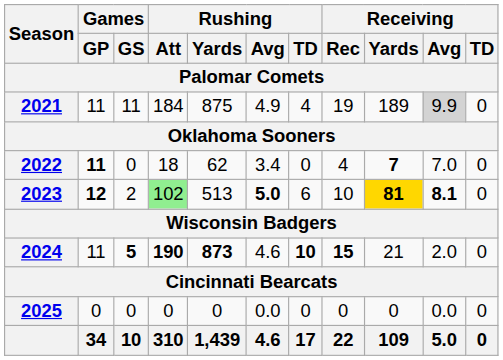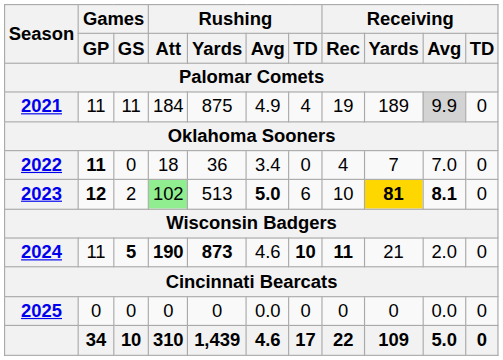 <table class="wikitable" style="text-align:center;">
 <tr>
 <th rowspan="2">Season</th>
 <th colspan="2">Games</th>
 <th colspan="4">Rushing</th>
 <th colspan="4">Receiving</th>
 </tr>
 <tr>
 <th>GP</th>
 <th>GS</th>
 <th>Att</th>
 <th>Yards</th>
 <th>Avg</th>
 <th>TD</th>
 <th>Rec</th>
 <th>Yards</th>
 <th>Avg</th>
 <th>TD</th>
 </tr>
 <tr>
 <th colspan="15">Palomar Comets</th>
 </tr>
 <tr>
 <th><a href='#'>2021</a></th>
 <td>11</td>
 <td>11</td>
 <td>184</td>
 <td>875</td>
 <td>4.9</td>
 <td>4</td>
 <td>19</td>
 <td>189</td>
 <td style="background: lightgrey;">9.9</td>
 <td>0</td>
 </tr>
 <tr>
 <th colspan="15">Oklahoma Sooners</th>
 </tr>
 <tr>
 <th><a href='#'>2022</a></th>
 <td><strong>11</strong></td>
 <td>0</td>
 <td>18</td>
-<td>62</td>
+<td>36</td>
 <td>3.4</td>
 <td>0</td>
 <td>4</td>
-<td><strong>7</strong></td>
+<td>7</td>
 <td>7.0</td>
 <td>0</td>
 </tr>
 <tr>
 <th><a href='#'>2023</a></th>
 <td><strong>12</strong></td>
 <td>2</td>
 <td style="background: lightgreen;">102</td>
 <td>513</td>
 <td><strong>5.0</strong></td>
 <td>6</td>
 <td>10</td>
 <td style="background: gold;"><strong>81</strong></td>
 <td><strong>8.1</strong></td>
 <td>0</td>
 </tr>
 <tr>
 <th colspan="15">Wisconsin Badgers</th>
 </tr>
 <tr>
 <th><a href='#'>2024</a></th>
 <td>11</td>
 <td><strong>5</strong></td>
 <td><strong>190</strong></td>
 <td><strong>873</strong></td>
 <td>4.6</td>
 <td><strong>10</strong></td>
-<td><strong>15</strong></td>
+<td><strong>11</strong></td>
 <td>21</td>
 <td>2.0</td>
 <td>0</td>
 </tr>
 <tr>
 <th colspan="15">Cincinnati Bearcats</th>
 </tr>
 <tr>
 <th><a href='#'>2025</a></th>
 <td>0</td>
 <td>0</td>
 <td>0</td>
 <td>0</td>
 <td>0.0</td>
 <td>0</td>
 <td>0</td>
 <td>0</td>
 <td>0.0</td>
 <td>0</td>
 </tr>
 <tr>
 <th></th>
 <th>34</th>
 <th>10</th>
 <th>310</th>
 <th>1,439</th>
 <th>4.6</th>
 <th>17</th>
 <th>22</th>
 <th>109</th>
 <th>5.0</th>
 <th>0</th>
 </tr>
 </table>
